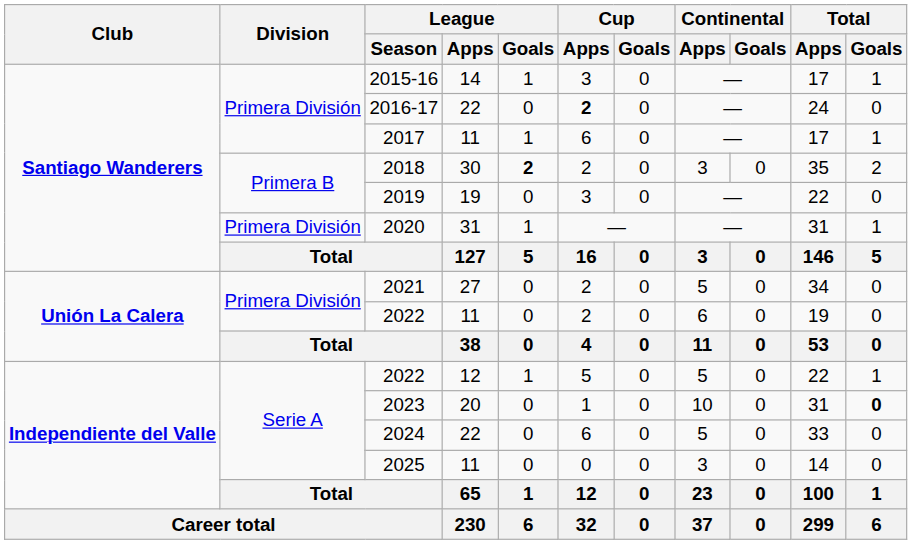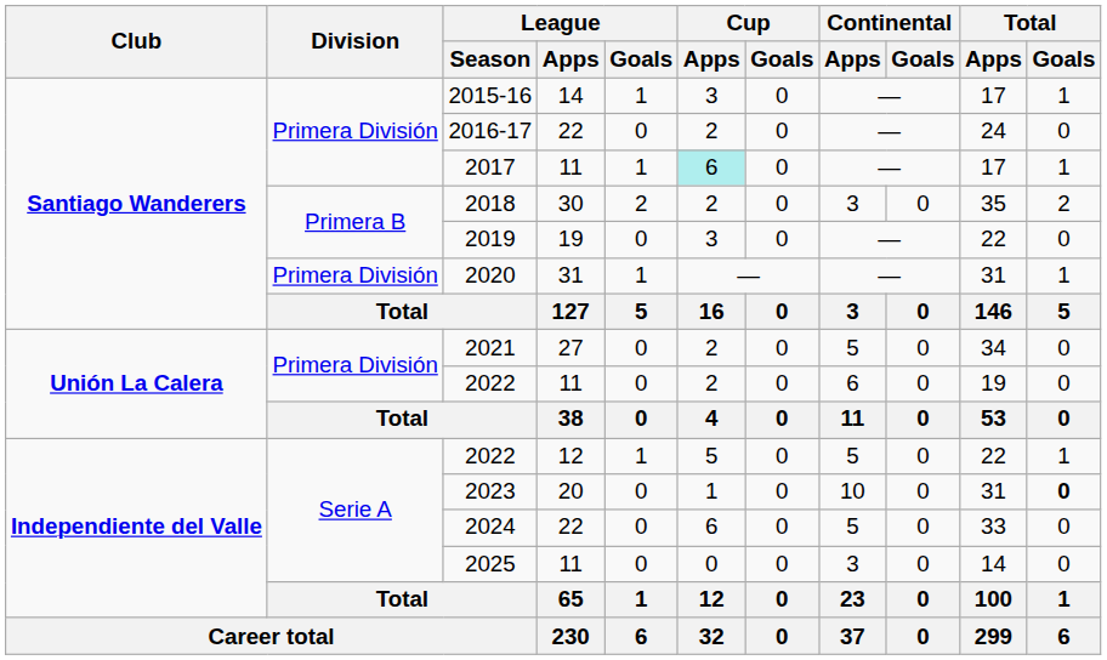 <table class="wikitable" style="text-align:center">
 <tr>
 <th rowspan="2">Club</th>
 <th rowspan="2">Division</th>
 <th colspan="3">League</th>
 <th colspan="2">Cup</th>
 <th colspan="2">Continental</th>
 <th colspan="2">Total</th>
 </tr>
 <tr>
 <th>Season</th>
 <th>Apps</th>
 <th>Goals</th>
 <th>Apps</th>
 <th>Goals</th>
 <th>Apps</th>
 <th>Goals</th>
 <th>Apps</th>
 <th>Goals</th>
 </tr>
 <tr>
 <td rowspan="7"><strong><a href='#'>Santiago Wanderers</a></strong></td>
 <td rowspan="3"><a href='#'>Primera División</a></td>
 <td>2015-16</td>
 <td>14</td>
 <td>1</td>
 <td>3</td>
 <td>0</td>
 <td colspan="2">—</td>
 <td>17</td>
 <td>1</td>
 </tr>
 <tr>
 <td>2016-17</td>
 <td>22</td>
 <td>0</td>
-<td><strong>2</strong></td>
+<td>2</td>
 <td>0</td>
 <td colspan="2">—</td>
 <td>24</td>
 <td>0</td>
 </tr>
 <tr>
 <td>2017</td>
 <td>11</td>
 <td>1</td>
-<td>6</td>
+<td style="background: paleturquoise;">6</td>
 <td>0</td>
 <td colspan="2">—</td>
 <td>17</td>
 <td>1</td>
 </tr>
 <tr>
 <td rowspan="2"><a href='#'>Primera B</a></td>
 <td>2018</td>
 <td>30</td>
-<td><strong>2</strong></td>
+<td>2</td>
 <td>2</td>
 <td>0</td>
 <td>3</td>
 <td>0</td>
 <td>35</td>
 <td>2</td>
 </tr>
 <tr>
 <td>2019</td>
 <td>19</td>
 <td>0</td>
 <td>3</td>
 <td>0</td>
 <td colspan="2">—</td>
 <td>22</td>
 <td>0</td>
 </tr>
 <tr>
 <td><a href='#'>Primera División</a></td>
 <td>2020</td>
 <td>31</td>
 <td>1</td>
 <td colspan="2">—</td>
 <td colspan="2">—</td>
 <td>31</td>
 <td>1</td>
 </tr>
 <tr>
 <th colspan="2">Total</th>
 <th>127</th>
 <th>5</th>
 <th>16</th>
 <th>0</th>
 <th>3</th>
 <th>0</th>
 <th>146</th>
 <th>5</th>
 </tr>
 <tr>
 <td rowspan="3"><strong><a href='#'>Unión La Calera</a></strong></td>
 <td rowspan="2"><a href='#'>Primera División</a></td>
 <td>2021</td>
 <td>27</td>
 <td>0</td>
 <td>2</td>
 <td>0</td>
 <td>5</td>
 <td>0</td>
 <td>34</td>
 <td>0</td>
 </tr>
 <tr>
 <td>2022</td>
 <td>11</td>
 <td>0</td>
 <td>2</td>
 <td>0</td>
 <td>6</td>
 <td>0</td>
 <td>19</td>
 <td>0</td>
 </tr>
 <tr>
 <th colspan="2">Total</th>
 <th>38</th>
 <th>0</th>
 <th>4</th>
 <th>0</th>
 <th>11</th>
 <th>0</th>
 <th>53</th>
 <th>0</th>
 </tr>
 <tr>
 <td rowspan="5"><strong><a href='#'>Independiente del Valle</a></strong></td>
 <td rowspan="4"><a href='#'>Serie A</a></td>
 <td>2022</td>
 <td>12</td>
 <td>1</td>
 <td>5</td>
 <td>0</td>
 <td>5</td>
 <td>0</td>
 <td>22</td>
 <td>1</td>
 </tr>
 <tr>
 <td>2023</td>
 <td>20</td>
 <td>0</td>
 <td>1</td>
 <td>0</td>
 <td>10</td>
 <td>0</td>
 <td>31</td>
 <td><strong>0</strong></td>
 </tr>
 <tr>
 <td>2024</td>
 <td>22</td>
 <td>0</td>
 <td>6</td>
 <td>0</td>
 <td>5</td>
 <td>0</td>
 <td>33</td>
 <td>0</td>
 </tr>
 <tr>
 <td>2025</td>
 <td>11</td>
 <td>0</td>
 <td>0</td>
 <td>0</td>
 <td>3</td>
 <td>0</td>
 <td>14</td>
 <td>0</td>
 </tr>
 <tr>
 <th colspan="2">Total</th>
 <th>65</th>
 <th>1</th>
 <th>12</th>
 <th>0</th>
 <th>23</th>
 <th>0</th>
 <th>100</th>
 <th>1</th>
 </tr>
 <tr>
 <th colspan="3">Career total</th>
 <th>230</th>
 <th>6</th>
 <th>32</th>
 <th>0</th>
 <th>37</th>
 <th>0</th>
 <th>299</th>
 <th>6</th>
 </tr>
 </table>
